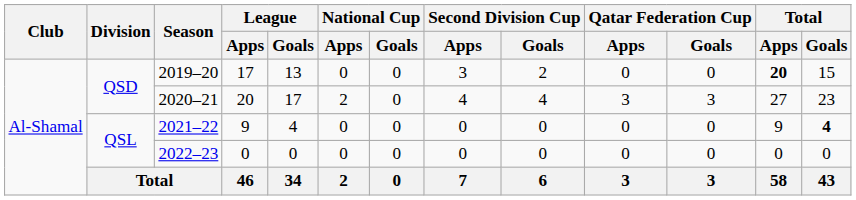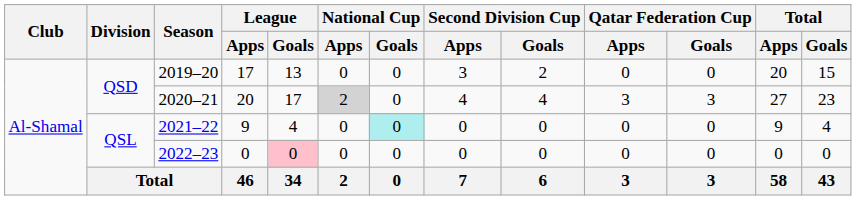 <table class="wikitable" style="text-align: center;">
 <tr>
 <th rowspan="2">Club</th>
 <th rowspan="2">Division</th>
 <th rowspan="2">Season</th>
 <th colspan="2">League</th>
 <th colspan="2">National Cup</th>
 <th colspan="2">Second Division Cup</th>
 <th colspan="2">Qatar Federation Cup</th>
 <th colspan="2">Total</th>
 </tr>
 <tr>
 <th>Apps</th>
 <th>Goals</th>
 <th>Apps</th>
 <th>Goals</th>
 <th>Apps</th>
 <th>Goals</th>
 <th>Apps</th>
 <th>Goals</th>
 <th>Apps</th>
 <th>Goals</th>
 </tr>
 <tr>
 <td rowspan="5"><a href='#'>Al-Shamal</a></td>
 <td rowspan="2"><a href='#'>QSD</a></td>
 <td 2019–20 Qatari Second Division>2019–20</td>
 <td>17</td>
 <td>13</td>
 <td>0</td>
 <td>0</td>
 <td>3</td>
 <td>2</td>
 <td>0</td>
 <td>0</td>
-<td><strong>20</strong></td>
+<td>20</td>
 <td>15</td>
 </tr>
 <tr>
 <td 2020–21 Qatari Second Division>2020–21</td>
 <td>20</td>
 <td>17</td>
-<td>2</td>
+<td style="background: lightgrey;">2</td>
 <td>0</td>
 <td>4</td>
 <td>4</td>
 <td>3</td>
 <td>3</td>
 <td>27</td>
 <td>23</td>
 </tr>
 <tr>
 <td rowspan="2"><a href='#'>QSL</a></td>
 <td><a href='#'>2021–22</a></td>
 <td>9</td>
 <td>4</td>
 <td>0</td>
-<td>0</td>
+<td style="background: paleturquoise;">0</td>
 <td>0</td>
 <td>0</td>
 <td>0</td>
 <td>0</td>
 <td>9</td>
-<td><strong>4</strong></td>
+<td>4</td>
 </tr>
 <tr>
 <td><a href='#'>2022–23</a></td>
 <td>0</td>
-<td>0</td>
+<td style="background: pink;">0</td>
 <td>0</td>
 <td>0</td>
 <td>0</td>
 <td>0</td>
 <td>0</td>
 <td>0</td>
 <td>0</td>
 <td>0</td>
 </tr>
 <tr>
 <th colspan="2">Total</th>
 <th>46</th>
 <th>34</th>
 <th>2</th>
 <th>0</th>
 <th>7</th>
 <th>6</th>
 <th>3</th>
 <th>3</th>
 <th>58</th>
 <th>43</th>
 </tr>
 </table>
